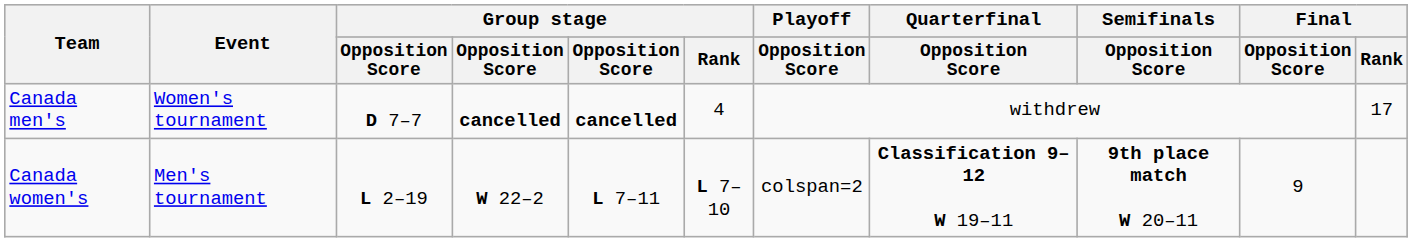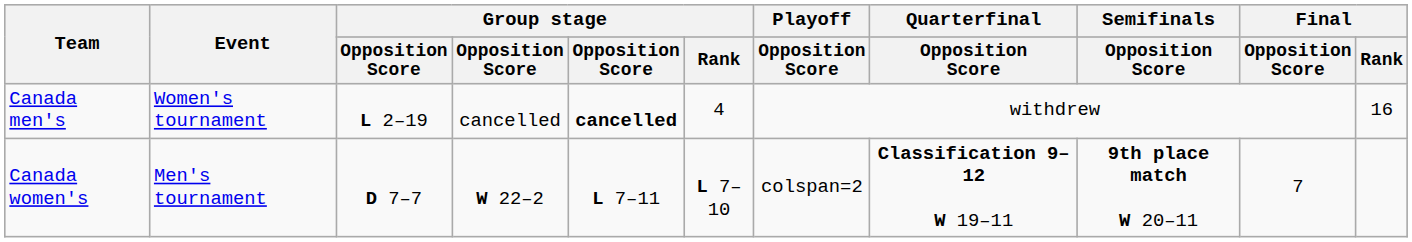 <table class=wikitable style=font-size:90%>
 <tr>
 <th rowspan=2>Team</th>
 <th rowspan=2>Event</th>
 <th colspan=4>Group stage</th>
 <th>Playoff</th>
 <th>Quarterfinal</th>
 <th>Semifinals</th>
 <th colspan=2>Final</th>
 </tr>
 <tr style=font-size:95%>
 <th>Opposition<br>Score</th>
 <th>Opposition<br>Score</th>
 <th>Opposition<br>Score</th>
 <th>Rank</th>
 <th>Opposition<br>Score</th>
 <th>Opposition<br>Score</th>
 <th>Opposition<br>Score</th>
 <th>Opposition<br>Score</th>
 <th>Rank</th>
 </tr>
 <tr align=center>
 <td align=left><a href='#'>Canada men's</a></td>
 <td align=left><a href='#'>Women's tournament</a></td>
-<td><br><strong>D</strong> 7–7</td>
-<td><strong><br>cancelled</strong></td>
+<td><br><strong>L</strong> 2–19</td>
+<td><br>cancelled</td>
 <td><strong><br>cancelled</strong></td>
 <td>4</td>
 <td colspan=4>withdrew</td>
-<td>17</td>
+<td>16</td>
 </tr>
 <tr align=center>
 <td align=left><a href='#'>Canada women's</a></td>
 <td align=left><a href='#'>Men's tournament</a></td>
-<td><br><strong>L</strong> 2–19</td>
+<td><br><strong>D</strong> 7–7</td>
 <td><br><strong>W</strong> 22–2</td>
 <td><br><strong>L</strong> 7–11</td>
 <td><br><strong>L</strong> 7–10</td>
 <td>colspan=2 </td>
 <td><strong>Classification 9–12</strong><br><br><strong>W</strong> 19–11</td>
 <td><strong>9th place match</strong><br><br><strong>W</strong> 20–11</td>
-<td>9</td>
+<td>7</td>
 </tr>
 </table>
